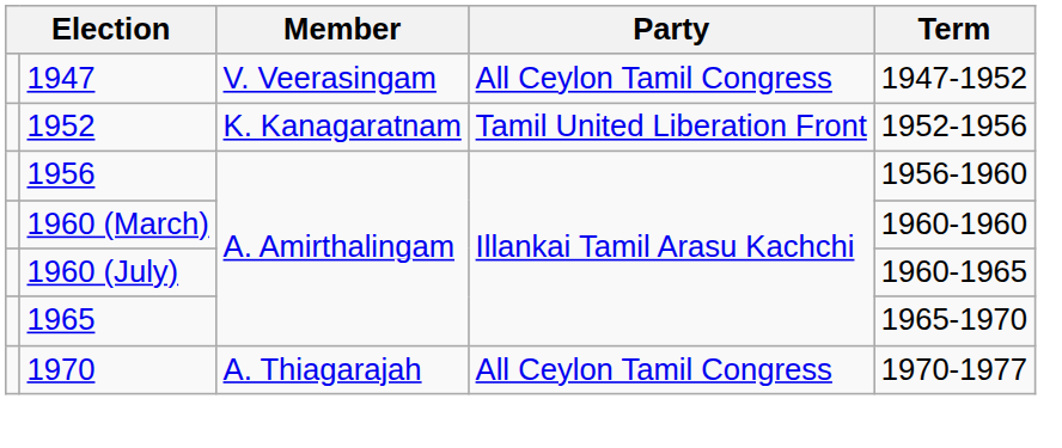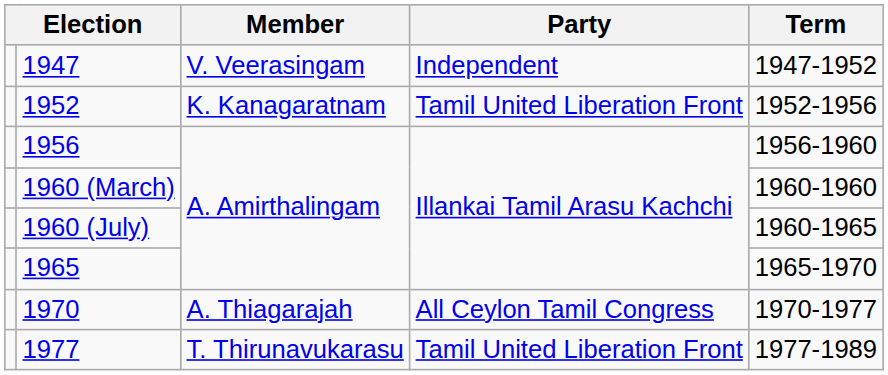 <table class="wikitable">
 <tr>
 <th colspan="2">Election</th>
 <th>Member</th>
 <th>Party</th>
 <th>Term</th>
 </tr>
 <tr>
 <td style="background-color: "></td>
 <td><a href='#'>1947</a></td>
 <td><a href='#'>V. Veerasingam</a></td>
-<td><a href='#'>All Ceylon Tamil Congress</a></td>
+<td><a href='#'>Independent</a></td>
 <td>1947-1952</td>
 </tr>
 <tr>
 <td style="background-color: "></td>
 <td><a href='#'>1952</a></td>
 <td><a href='#'>K. Kanagaratnam</a></td>
 <td><a href='#'>Tamil United Liberation Front</a></td>
 <td>1952-1956</td>
 </tr>
 <tr>
 <td style="background-color: "></td>
 <td><a href='#'>1956</a></td>
 <td rowspan ="4"><a href='#'>A. Amirthalingam</a></td>
 <td rowspan ="4"><a href='#'>Illankai Tamil Arasu Kachchi</a></td>
 <td>1956-1960</td>
 </tr>
 <tr>
 <td style="background-color: "></td>
 <td><a href='#'>1960 (March)</a></td>
 <td>1960-1960</td>
 </tr>
 <tr>
 <td style="background-color: "></td>
 <td><a href='#'>1960 (July)</a></td>
 <td>1960-1965</td>
 </tr>
 <tr>
 <td style="background-color: "></td>
 <td><a href='#'>1965</a></td>
 <td>1965-1970</td>
 </tr>
 <tr>
 <td style="background-color: "></td>
 <td><a href='#'>1970</a></td>
 <td><a href='#'>A. Thiagarajah</a></td>
 <td><a href='#'>All Ceylon Tamil Congress</a></td>
 <td>1970-1977</td>
 </tr>
+<tr>
+<td style="background-color: "></td>
+<td><a href='#'>1977</a></td>
+<td><a href='#'>T. Thirunavukarasu</a></td>
+<td><a href='#'>Tamil United Liberation Front</a></td>
+<td>1977-1989</td>
+</tr>
 </table>
